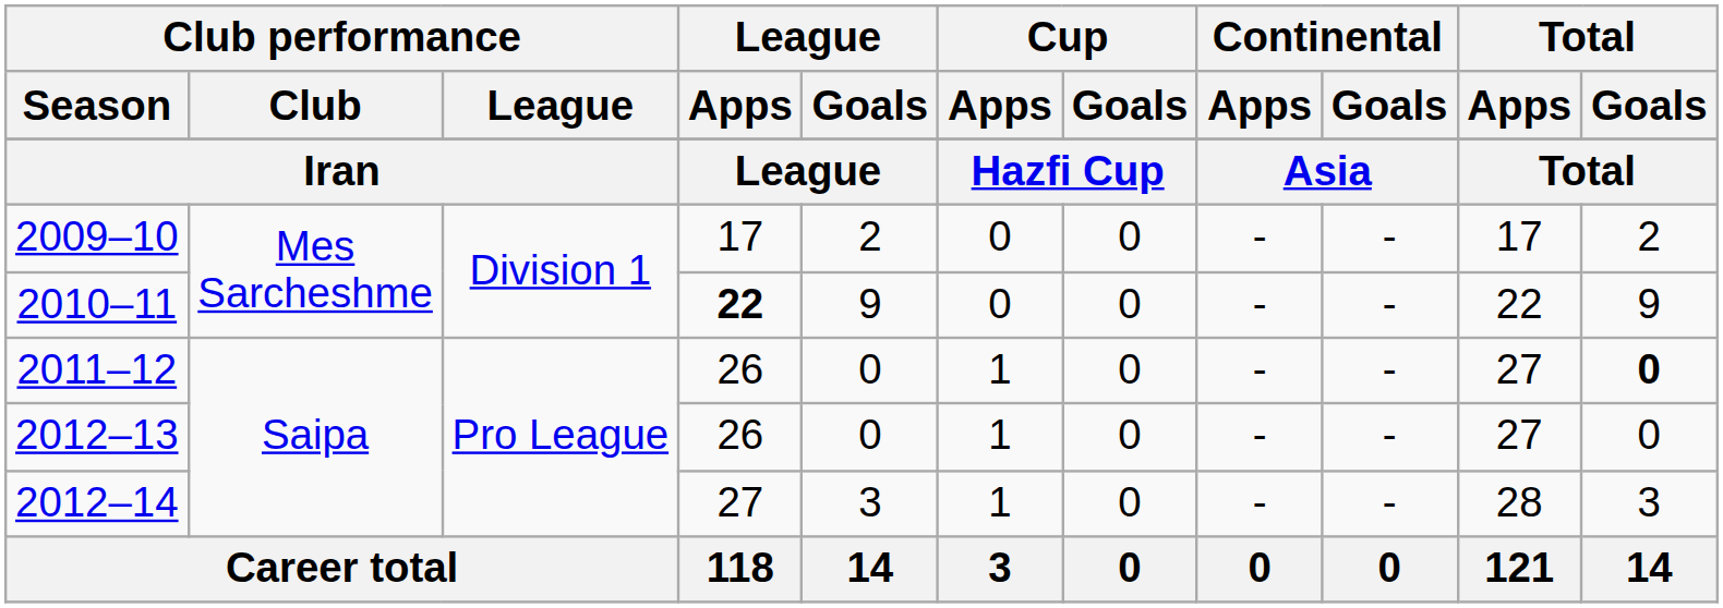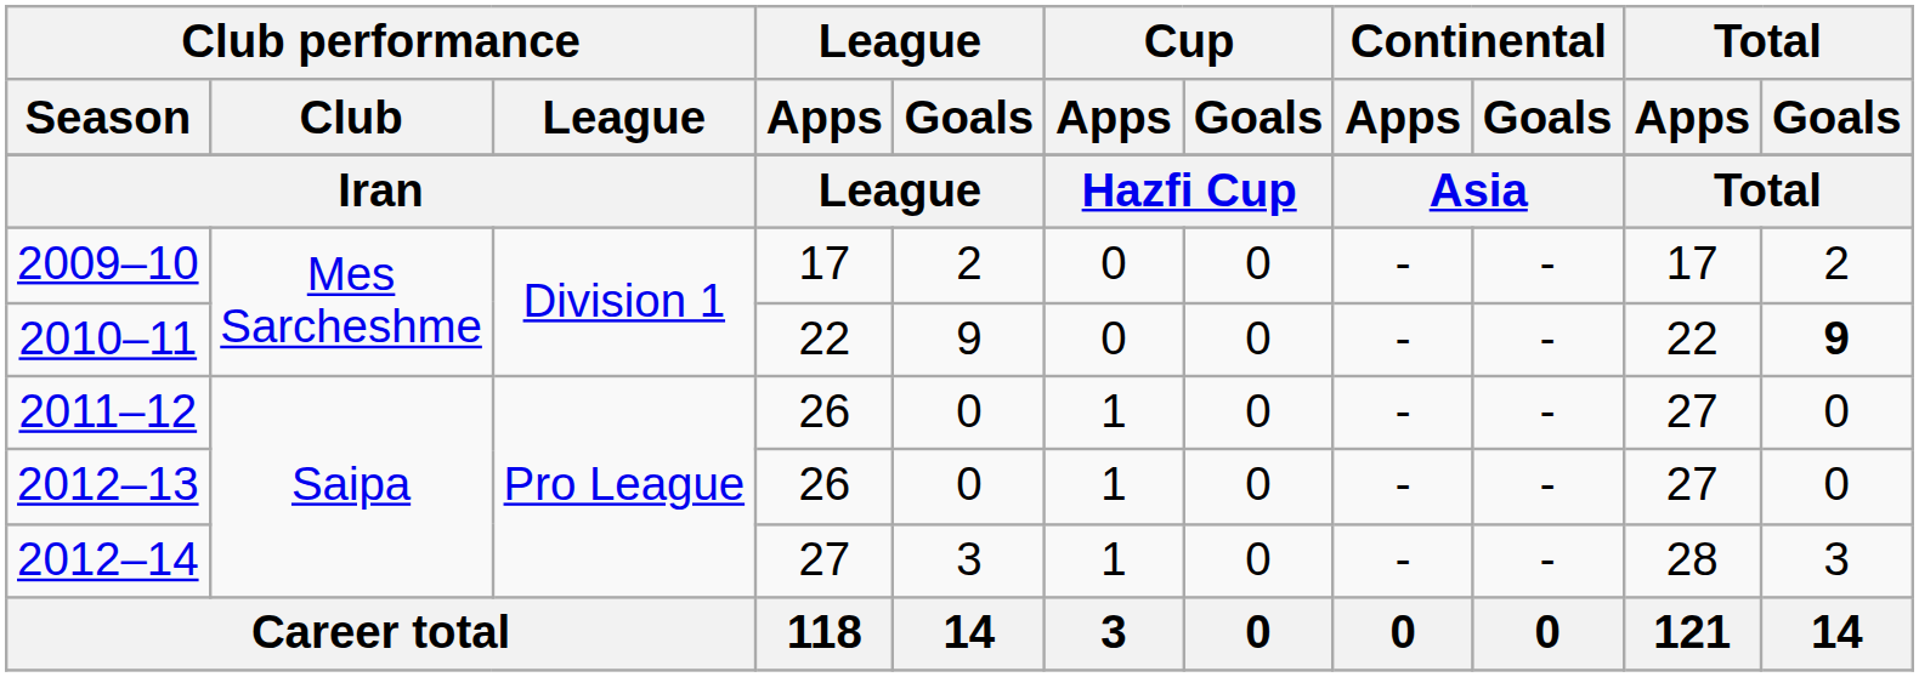 <table class="wikitable" style="text-align:center">
 <tr>
 <th colspan=3>Club performance</th>
 <th colspan=2>League</th>
 <th colspan=2>Cup</th>
 <th colspan=2>Continental</th>
 <th colspan=2>Total</th>
 </tr>
 <tr>
 <th>Season</th>
 <th>Club</th>
 <th>League</th>
 <th>Apps</th>
 <th>Goals</th>
 <th>Apps</th>
 <th>Goals</th>
 <th>Apps</th>
 <th>Goals</th>
 <th>Apps</th>
 <th>Goals</th>
 </tr>
 <tr>
 </tr>
 <tr>
 <th colspan=3>Iran</th>
 <th colspan=2>League</th>
 <th colspan=2><a href='#'>Hazfi Cup</a></th>
 <th colspan=2><a href='#'>Asia</a></th>
 <th colspan=2>Total</th>
 </tr>
 <tr>
 <td><a href='#'>2009–10</a></td>
 <td rowspan="2"><a href='#'>Mes<br>Sarcheshme</a></td>
 <td rowspan="2"><a href='#'>Division 1</a></td>
 <td>17</td>
 <td>2</td>
 <td>0</td>
 <td>0</td>
 <td>-</td>
 <td>-</td>
 <td>17</td>
 <td>2</td>
 </tr>
 <tr>
 <td><a href='#'>2010–11</a></td>
-<td><strong>22</strong></td>
+<td>22</td>
 <td>9</td>
 <td>0</td>
 <td>0</td>
 <td>-</td>
 <td>-</td>
 <td>22</td>
-<td>9</td>
+<td><strong>9</strong></td>
 </tr>
 <tr>
 <td><a href='#'>2011–12</a></td>
 <td rowspan="3"><a href='#'>Saipa</a></td>
 <td rowspan="3"><a href='#'>Pro League</a></td>
 <td>26</td>
 <td>0</td>
 <td>1</td>
 <td>0</td>
 <td>-</td>
 <td>-</td>
 <td>27</td>
-<td><strong>0</strong></td>
+<td>0</td>
 </tr>
 <tr>
 <td><a href='#'>2012–13</a></td>
 <td>26</td>
 <td>0</td>
 <td>1</td>
 <td>0</td>
 <td>-</td>
 <td>-</td>
 <td>27</td>
 <td>0</td>
 </tr>
 <tr>
 <td><a href='#'>2012–14</a></td>
 <td>27</td>
 <td>3</td>
 <td>1</td>
 <td>0</td>
 <td>-</td>
 <td>-</td>
 <td>28</td>
 <td>3</td>
 </tr>
 <tr>
 <th colspan=3>Career total</th>
 <th>118</th>
 <th>14</th>
 <th>3</th>
 <th>0</th>
 <th>0</th>
 <th>0</th>
 <th>121</th>
 <th>14</th>
 </tr>
 </table>
